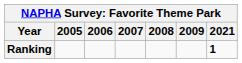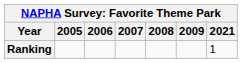 <table class="wikitable" border="1">
 <tr>
 <th align="center" bgcolor="white" colspan="31"><a href='#'>NAPHA</a> Survey: Favorite Theme Park</th>
 </tr>
 <tr style="background:#white;">
 <th align="center">Year</th>
 <th>2005</th>
 <th>2006</th>
 <th>2007</th>
 <th>2008</th>
 <th>2009</th>
 <th>2021</th>
 </tr>
 <tr>
 <th align="center" style="background:#white;">Ranking</th>
 <td></td>
 <td></td>
 <td></td>
 <td></td>
 <td></td>
-<td><strong>1</strong></td>
+<td>1</td>
 </tr>
 </table>
